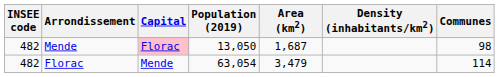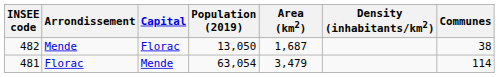 <table class="wikitable">
 <tr style="background:#efefef;">
 <th>INSEE<br>code</th>
 <th>Arrondissement</th>
 <th><a href='#'>Capital</a></th>
 <th>Population<br>(2019)</th>
 <th>Area<br>(km<sup>2</sup>)</th>
 <th>Density<br>(inhabitants/km<sup>2</sup>)</th>
 <th>Communes</th>
 </tr>
 <tr style="text-align:right;">
 <td>482</td>
 <td style="text-align:left;"><a href='#'>Mende</a></td>
-<td style="background: pink; text-align:left;"><a href='#'>Florac</a></td>
+<td style="text-align:left;"><a href='#'>Florac</a></td>
 <td>13,050</td>
 <td>  1,687  </td>
 <td></td>
-<td>98</td>
+<td>38</td>
 </tr>
 <tr style="text-align:right;">
-<td>482</td>
+<td>481</td>
 <td style="text-align:left;"><a href='#'>Florac</a></td>
 <td style="text-align:left;"><a href='#'>Mende</a></td>
 <td>63,054</td>
 <td>  3,479  </td>
 <td></td>
 <td>114</td>
 </tr>
 </table>
